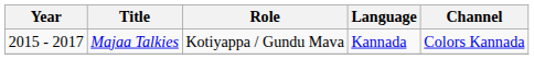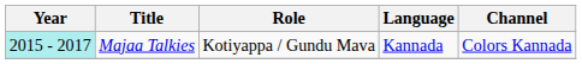 <table class="wikitable">
 <tr>
 <th>Year</th>
 <th>Title</th>
 <th>Role</th>
 <th>Language</th>
 <th>Channel</th>
 </tr>
 <tr>
-<td>2015 - 2017</td>
+<td style="background: paleturquoise;">2015 - 2017</td>
 <td><em><a href='#'>Majaa Talkies</a></em></td>
 <td>Kotiyappa / Gundu Mava</td>
 <td><a href='#'>Kannada</a></td>
 <td><a href='#'>Colors Kannada</a></td>
 </tr>
 <tr>
 </tr>
 </table>
